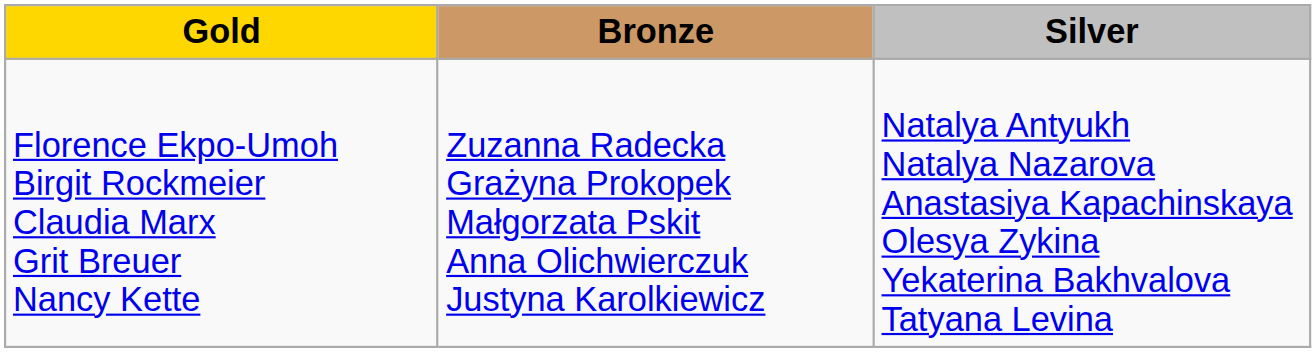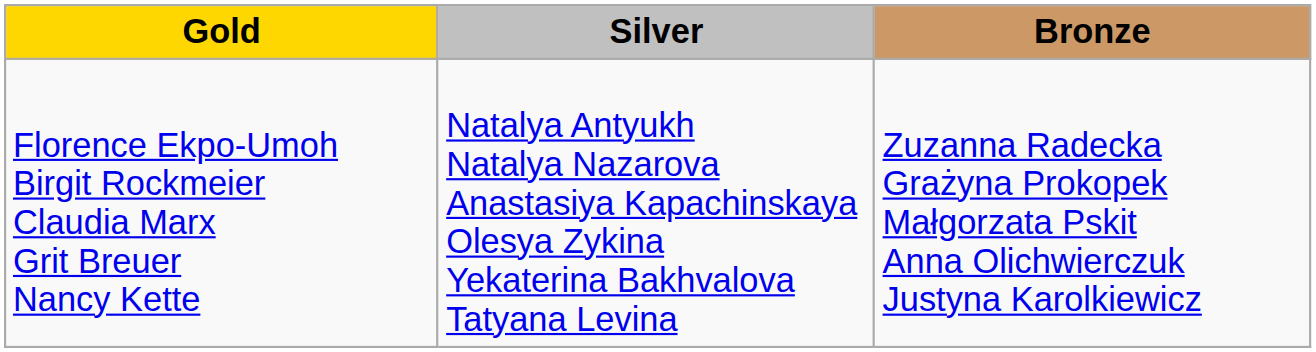 <table class="wikitable" style="text-align:left">
 <tr align="center">
 <td width=200 bgcolor=gold><strong>Gold</strong></td>
+<td width=200 bgcolor=silver><strong>Silver</strong></td>
 <td width=200 bgcolor=CC9966><strong>Bronze</strong></td>
-<td width=200 bgcolor=silver><strong>Silver</strong></td>
 </tr>
 <tr>
 <td><em></em><br><a href='#'>Florence Ekpo-Umoh</a><br><a href='#'>Birgit Rockmeier</a><br><a href='#'>Claudia Marx</a><br><a href='#'>Grit Breuer</a><br><a href='#'>Nancy Kette</a></td>
+<td><em></em><br><a href='#'>Natalya Antyukh</a><br><a href='#'>Natalya Nazarova</a><br><a href='#'>Anastasiya Kapachinskaya</a><br><a href='#'>Olesya Zykina</a><br><a href='#'>Yekaterina Bakhvalova</a><br><a href='#'>Tatyana Levina</a></td>
 <td><em></em><br><a href='#'>Zuzanna Radecka</a><br><a href='#'>Grażyna Prokopek</a><br><a href='#'>Małgorzata Pskit</a><br><a href='#'>Anna Olichwierczuk</a><br><a href='#'>Justyna Karolkiewicz</a></td>
-<td><em></em><br><a href='#'>Natalya Antyukh</a><br><a href='#'>Natalya Nazarova</a><br><a href='#'>Anastasiya Kapachinskaya</a><br><a href='#'>Olesya Zykina</a><br><a href='#'>Yekaterina Bakhvalova</a><br><a href='#'>Tatyana Levina</a></td>
 </tr>
 </table>
